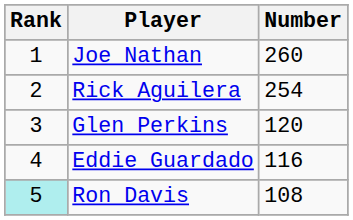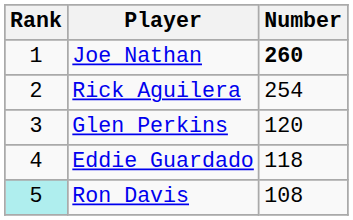 <table class="wikitable" style="font-size: 95%; text-align:left;">
 <tr>
 <th>Rank</th>
 <th>Player</th>
 <th>Number</th>
 </tr>
 <tr>
 <td align="center">1</td>
 <td><a href='#'>Joe Nathan</a></td>
-<td>260</td>
+<td><strong>260</strong></td>
 </tr>
 <tr>
 <td align="center">2</td>
 <td><a href='#'>Rick Aguilera</a></td>
 <td>254</td>
 </tr>
 <tr>
 <td align="center">3</td>
 <td><a href='#'>Glen Perkins</a></td>
 <td>120</td>
 </tr>
 <tr>
 <td align="center">4</td>
 <td><a href='#'>Eddie Guardado</a></td>
-<td>116</td>
+<td>118</td>
 </tr>
 <tr>
 <td align="center" style="background: paleturquoise;">5</td>
 <td><a href='#'>Ron Davis</a></td>
 <td>108</td>
 </tr>
 </table>
